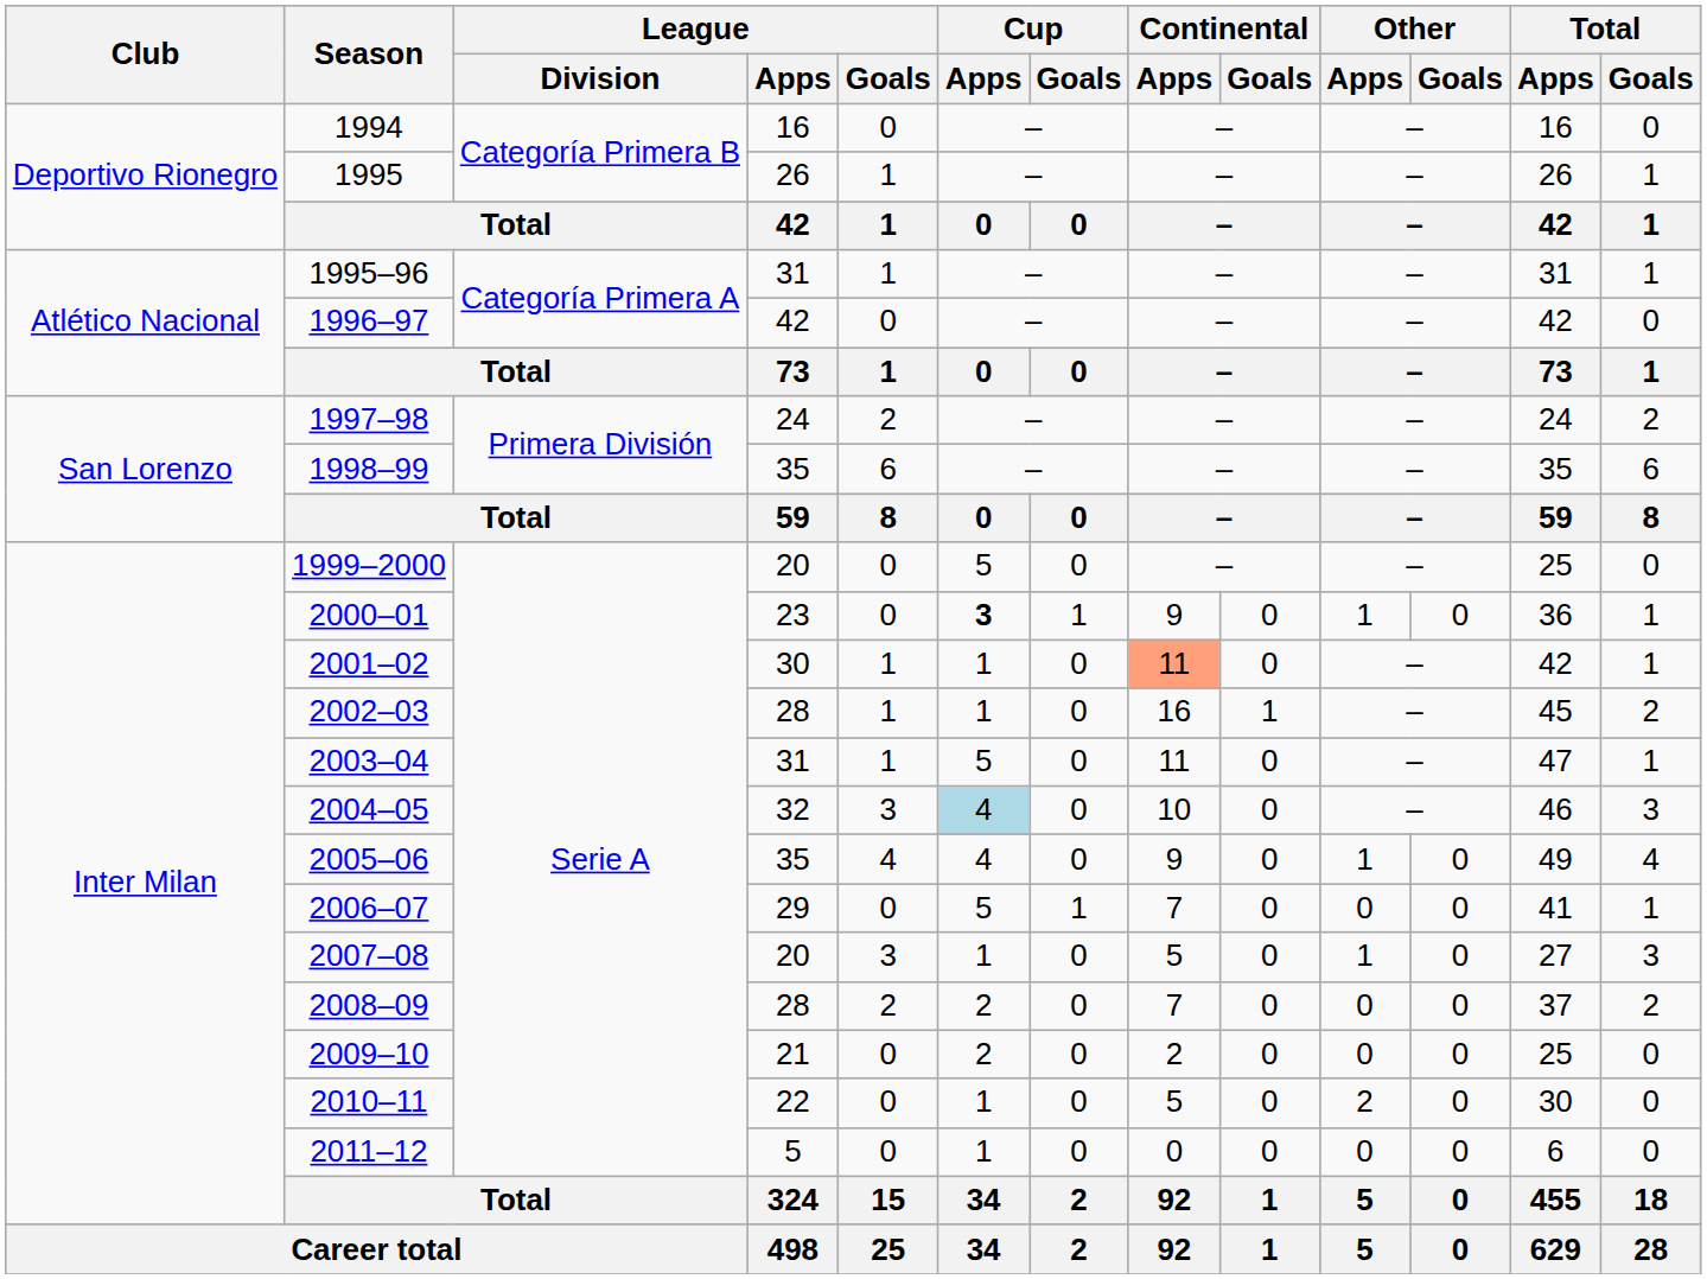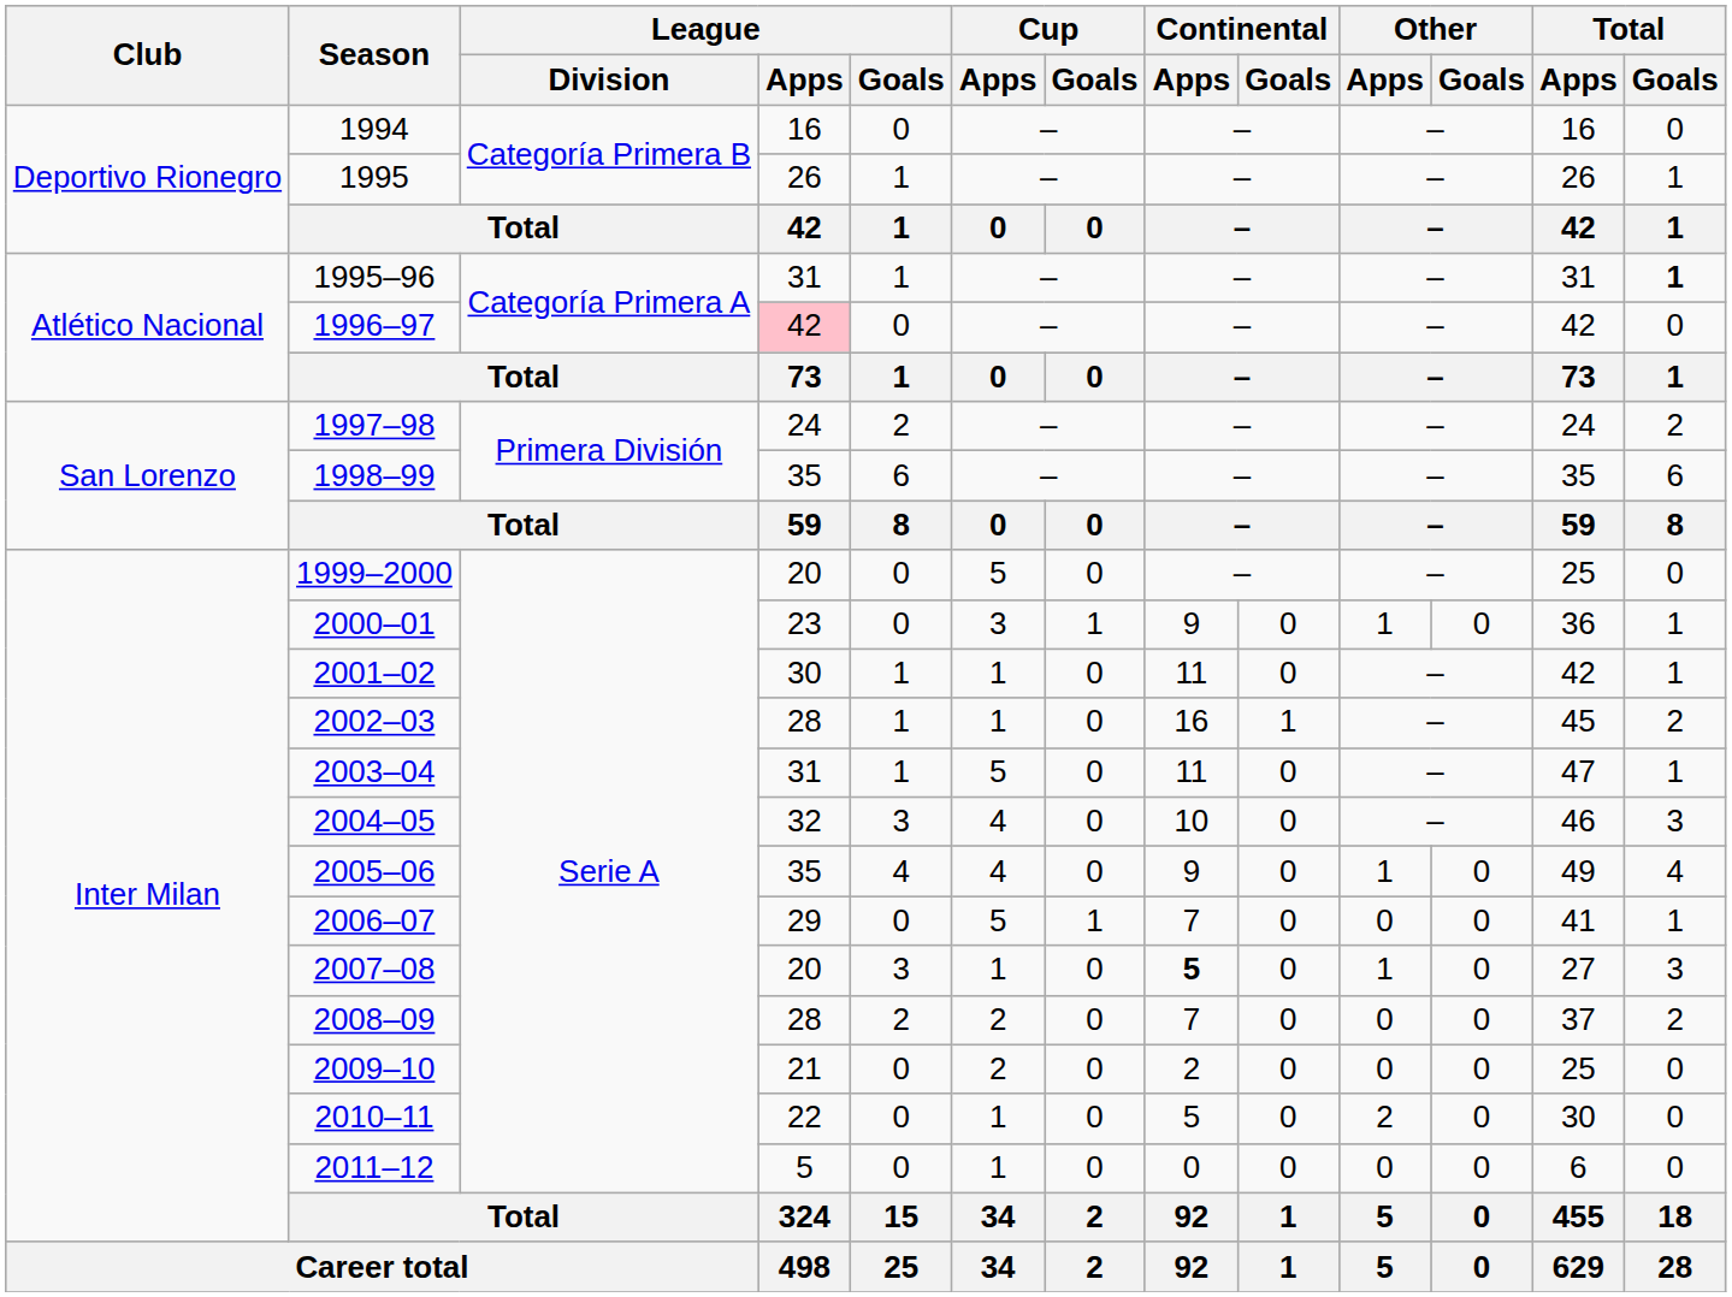 <table class="wikitable" style="text-align:center">
 <tr>
 <th rowspan="2">Club</th>
 <th rowspan="2">Season</th>
 <th colspan="3">League</th>
 <th colspan="2">Cup</th>
 <th colspan="2">Continental</th>
 <th colspan="2">Other</th>
 <th colspan="2">Total</th>
 </tr>
 <tr>
 <th>Division</th>
 <th>Apps</th>
 <th>Goals</th>
 <th>Apps</th>
 <th>Goals</th>
 <th>Apps</th>
 <th>Goals</th>
 <th>Apps</th>
 <th>Goals</th>
 <th>Apps</th>
 <th>Goals</th>
 </tr>
 <tr>
 <td rowspan="3"><a href='#'>Deportivo Rionegro</a></td>
 <td>1994</td>
 <td rowspan="2"><a href='#'>Categoría Primera B</a></td>
 <td>16</td>
 <td>0</td>
 <td colspan="2">–</td>
 <td colspan="2">–</td>
 <td colspan="2">–</td>
 <td>16</td>
 <td>0</td>
 </tr>
 <tr>
 <td>1995</td>
 <td>26</td>
 <td>1</td>
 <td colspan="2">–</td>
 <td colspan="2">–</td>
 <td colspan="2">–</td>
 <td>26</td>
 <td>1</td>
 </tr>
 <tr>
 <th colspan="2">Total</th>
 <th>42</th>
 <th>1</th>
 <th>0</th>
 <th>0</th>
 <th colspan="2">–</th>
 <th colspan="2">–</th>
 <th>42</th>
 <th>1</th>
 </tr>
 <tr>
 <td rowspan="3"><a href='#'>Atlético Nacional</a></td>
 <td>1995–96</td>
 <td rowspan="2"><a href='#'>Categoría Primera A</a></td>
 <td>31</td>
 <td>1</td>
 <td colspan="2">–</td>
 <td colspan="2">–</td>
 <td colspan="2">–</td>
 <td>31</td>
-<td>1</td>
+<td><strong>1</strong></td>
 </tr>
 <tr>
 <td><a href='#'>1996–97</a></td>
-<td>42</td>
+<td style="background: pink;">42</td>
 <td>0</td>
 <td colspan="2">–</td>
 <td colspan="2">–</td>
 <td colspan="2">–</td>
 <td>42</td>
 <td>0</td>
 </tr>
 <tr>
 <th colspan="2">Total</th>
 <th>73</th>
 <th>1</th>
 <th>0</th>
 <th>0</th>
 <th colspan="2">–</th>
 <th colspan="2">–</th>
 <th>73</th>
 <th>1</th>
 </tr>
 <tr>
 <td rowspan="3"><a href='#'>San Lorenzo</a></td>
 <td><a href='#'>1997–98</a></td>
 <td rowspan="2"><a href='#'>Primera División</a></td>
 <td>24</td>
 <td>2</td>
 <td colspan="2">–</td>
 <td colspan="2">–</td>
 <td colspan="2">–</td>
 <td>24</td>
 <td>2</td>
 </tr>
 <tr>
 <td><a href='#'>1998–99</a></td>
 <td>35</td>
 <td>6</td>
 <td colspan="2">–</td>
 <td colspan="2">–</td>
 <td colspan="2">–</td>
 <td>35</td>
 <td>6</td>
 </tr>
 <tr>
 <th colspan="2">Total</th>
 <th>59</th>
 <th>8</th>
 <th>0</th>
 <th>0</th>
 <th colspan="2">–</th>
 <th colspan="2">–</th>
 <th>59</th>
 <th>8</th>
 </tr>
 <tr>
 <td rowspan="14"><a href='#'>Inter Milan</a></td>
 <td><a href='#'>1999–2000</a></td>
 <td rowspan="13"><a href='#'>Serie A</a></td>
 <td>20</td>
 <td>0</td>
 <td>5</td>
 <td>0</td>
 <td colspan="2">–</td>
 <td colspan="2">–</td>
 <td>25</td>
 <td>0</td>
 </tr>
 <tr>
 <td><a href='#'>2000–01</a></td>
 <td>23</td>
 <td>0</td>
-<td><strong>3</strong></td>
+<td>3</td>
 <td>1</td>
 <td>9</td>
 <td>0</td>
 <td>1</td>
 <td>0</td>
 <td>36</td>
 <td>1</td>
 </tr>
 <tr>
 <td><a href='#'>2001–02</a></td>
 <td>30</td>
 <td>1</td>
 <td>1</td>
 <td>0</td>
-<td style="background: lightsalmon;">11</td>
+<td>11</td>
 <td>0</td>
 <td colspan="2">–</td>
 <td>42</td>
 <td>1</td>
 </tr>
 <tr>
 <td><a href='#'>2002–03</a></td>
 <td>28</td>
 <td>1</td>
 <td>1</td>
 <td>0</td>
 <td>16</td>
 <td>1</td>
 <td colspan="2">–</td>
 <td>45</td>
 <td>2</td>
 </tr>
 <tr>
 <td><a href='#'>2003–04</a></td>
 <td>31</td>
 <td>1</td>
 <td>5</td>
 <td>0</td>
 <td>11</td>
 <td>0</td>
 <td colspan="2">–</td>
 <td>47</td>
 <td>1</td>
 </tr>
 <tr>
 <td><a href='#'>2004–05</a></td>
 <td>32</td>
 <td>3</td>
-<td style="background: lightblue;">4</td>
+<td>4</td>
 <td>0</td>
 <td>10</td>
 <td>0</td>
 <td colspan="2">–</td>
 <td>46</td>
 <td>3</td>
 </tr>
 <tr>
 <td><a href='#'>2005–06</a></td>
 <td>35</td>
 <td>4</td>
 <td>4</td>
 <td>0</td>
 <td>9</td>
 <td>0</td>
 <td>1</td>
 <td>0</td>
 <td>49</td>
 <td>4</td>
 </tr>
 <tr>
 <td><a href='#'>2006–07</a></td>
 <td>29</td>
 <td>0</td>
 <td>5</td>
 <td>1</td>
 <td>7</td>
 <td>0</td>
 <td>0</td>
 <td>0</td>
 <td>41</td>
 <td>1</td>
 </tr>
 <tr>
 <td><a href='#'>2007–08</a></td>
 <td>20</td>
 <td>3</td>
 <td>1</td>
 <td>0</td>
-<td>5</td>
+<td><strong>5</strong></td>
 <td>0</td>
 <td>1</td>
 <td>0</td>
 <td>27</td>
 <td>3</td>
 </tr>
 <tr>
 <td><a href='#'>2008–09</a></td>
 <td>28</td>
 <td>2</td>
 <td>2</td>
 <td>0</td>
 <td>7</td>
 <td>0</td>
 <td>0</td>
 <td>0</td>
 <td>37</td>
 <td>2</td>
 </tr>
 <tr>
 <td><a href='#'>2009–10</a></td>
 <td>21</td>
 <td>0</td>
 <td>2</td>
 <td>0</td>
 <td>2</td>
 <td>0</td>
 <td>0</td>
 <td>0</td>
 <td>25</td>
 <td>0</td>
 </tr>
 <tr>
 <td><a href='#'>2010–11</a></td>
 <td>22</td>
 <td>0</td>
 <td>1</td>
 <td>0</td>
 <td>5</td>
 <td>0</td>
 <td>2</td>
 <td>0</td>
 <td>30</td>
 <td>0</td>
 </tr>
 <tr>
 <td><a href='#'>2011–12</a></td>
 <td>5</td>
 <td>0</td>
 <td>1</td>
 <td>0</td>
 <td>0</td>
 <td>0</td>
 <td>0</td>
 <td>0</td>
 <td>6</td>
 <td>0</td>
 </tr>
 <tr>
 <th colspan="2">Total</th>
 <th>324</th>
 <th>15</th>
 <th>34</th>
 <th>2</th>
 <th>92</th>
 <th>1</th>
 <th>5</th>
 <th>0</th>
 <th>455</th>
 <th>18</th>
 </tr>
 <tr>
 <th colspan="3">Career total</th>
 <th>498</th>
 <th>25</th>
 <th>34</th>
 <th>2</th>
 <th>92</th>
 <th>1</th>
 <th>5</th>
 <th>0</th>
 <th>629</th>
 <th>28</th>
 </tr>
 </table>
